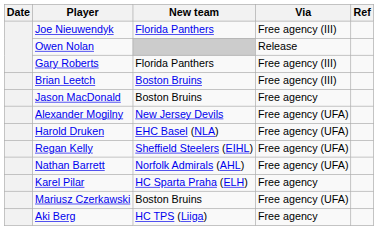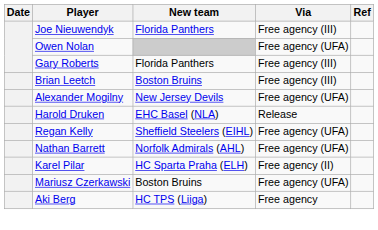 <table class="wikitable plainrowheaders">
 <tr style="background:#ddd; text-align:center;">
 <th>Date</th>
 <th>Player</th>
 <th>New team</th>
 <th>Via</th>
 <th>Ref</th>
 </tr>
 <tr>
 <th scope="row" rowspan=3></th>
 <td><a href='#'>Joe Nieuwendyk</a></td>
 <td><a href='#'>Florida Panthers</a></td>
 <td>Free agency (III)</td>
 <td></td>
 </tr>
 <tr>
 <td><a href='#'>Owen Nolan</a></td>
 <td style="background:#ccc"></td>
-<td>Release</td>
+<td>Free agency (UFA)</td>
 <td></td>
 </tr>
 <tr>
 <td><a href='#'>Gary Roberts</a></td>
 <td>Florida Panthers</td>
 <td>Free agency (III)</td>
 <td></td>
 </tr>
 <tr>
 <th scope="row"></th>
 <td><a href='#'>Brian Leetch</a></td>
 <td><a href='#'>Boston Bruins</a></td>
 <td>Free agency (III)</td>
 <td></td>
 </tr>
 <tr>
 <th scope="row"></th>
-<td><a href='#'>Jason MacDonald</a></td>
-<td>Boston Bruins</td>
-<td>Free agency</td>
-<td></td>
-</tr>
-<tr>
-<th scope="row"></th>
 <td><a href='#'>Alexander Mogilny</a></td>
 <td><a href='#'>New Jersey Devils</a></td>
 <td>Free agency (UFA)</td>
 <td></td>
 </tr>
 <tr>
 <th scope="row"></th>
 <td><a href='#'>Harold Druken</a></td>
 <td><a href='#'>EHC Basel</a> (<a href='#'>NLA</a>)</td>
-<td>Free agency (UFA)</td>
+<td>Release</td>
 <td></td>
 </tr>
 <tr>
 <th scope="row"></th>
 <td><a href='#'>Regan Kelly</a></td>
 <td><a href='#'>Sheffield Steelers</a> (<a href='#'>EIHL</a>)</td>
 <td>Free agency (UFA)</td>
 <td></td>
 </tr>
 <tr>
 <th scope="row"></th>
 <td><a href='#'>Nathan Barrett</a></td>
 <td><a href='#'>Norfolk Admirals</a> (<a href='#'>AHL</a>)</td>
 <td>Free agency (UFA)</td>
 <td></td>
 </tr>
 <tr>
 <th scope="row"></th>
 <td><a href='#'>Karel Pilar</a></td>
 <td><a href='#'>HC Sparta Praha</a> (<a href='#'>ELH</a>)</td>
-<td>Free agency</td>
+<td>Free agency (II)</td>
 <td></td>
 </tr>
 <tr>
 <th scope="row"></th>
 <td><a href='#'>Mariusz Czerkawski</a></td>
 <td>Boston Bruins</td>
 <td>Free agency (UFA)</td>
 <td></td>
 </tr>
 <tr>
 <th scope="row"></th>
 <td><a href='#'>Aki Berg</a></td>
 <td><a href='#'>HC TPS</a> (<a href='#'>Liiga</a>)</td>
 <td>Free agency</td>
 <td></td>
 </tr>
 </table>
